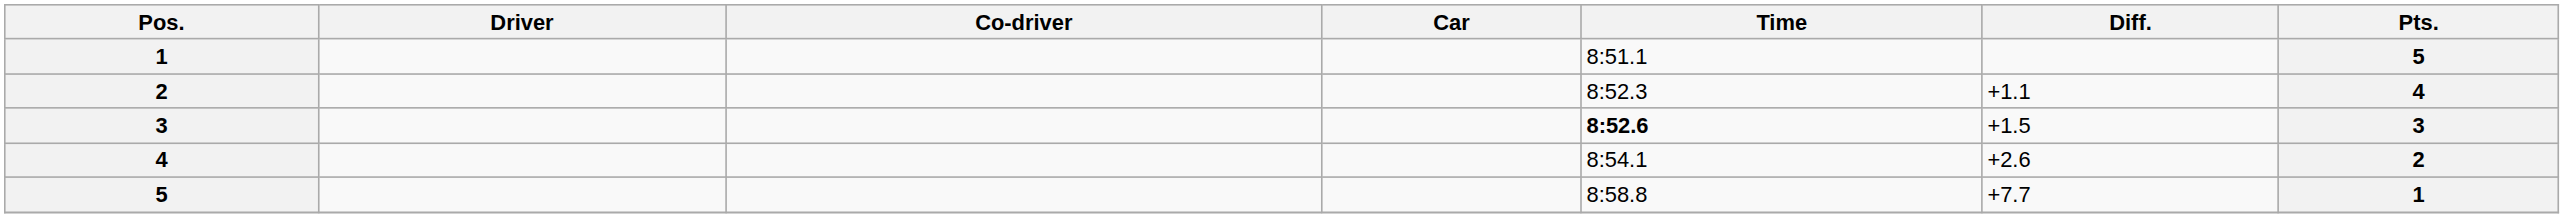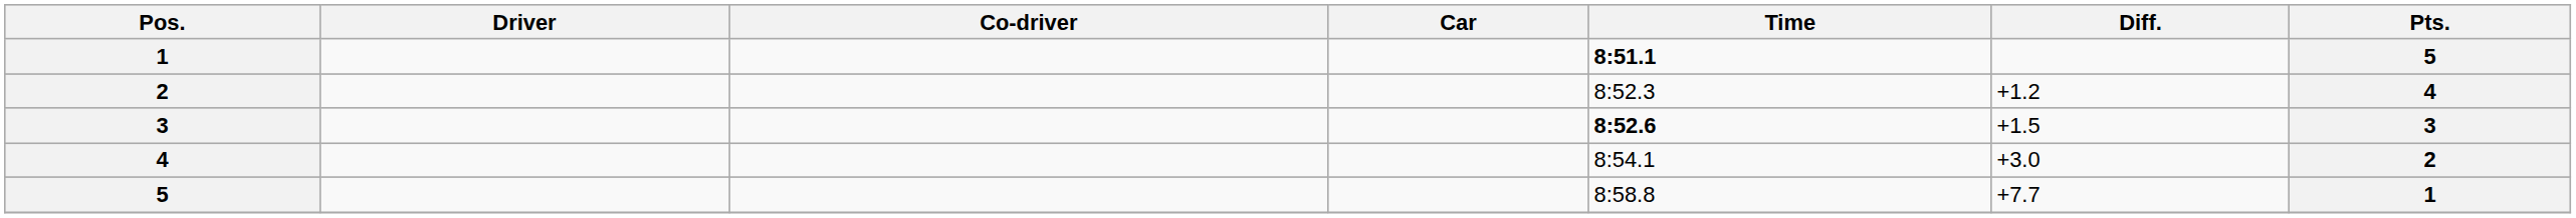 <table class="wikitable" width=80% style="font-size: 85%;">
 <tr>
 <th>Pos.</th>
 <th>Driver</th>
 <th>Co-driver</th>
 <th>Car</th>
 <th>Time</th>
 <th>Diff.</th>
 <th>Pts.</th>
 </tr>
 <tr>
 <th>1</th>
 <td></td>
 <td></td>
 <td></td>
-<td>8:51.1</td>
+<td><strong>8:51.1</strong></td>
 <td></td>
 <th>5</th>
 </tr>
 <tr>
 <th>2</th>
 <td></td>
 <td></td>
 <td></td>
 <td>8:52.3</td>
-<td>+1.1</td>
+<td>+1.2</td>
 <th>4</th>
 </tr>
 <tr>
 <th>3</th>
 <td></td>
 <td></td>
 <td></td>
 <td><strong>8:52.6</strong></td>
 <td>+1.5</td>
 <th>3</th>
 </tr>
 <tr>
 <th>4</th>
 <td></td>
 <td></td>
 <td></td>
 <td>8:54.1</td>
-<td>+2.6</td>
+<td>+3.0</td>
 <th>2</th>
 </tr>
 <tr>
 <th>5</th>
 <td></td>
 <td></td>
 <td></td>
 <td>8:58.8</td>
 <td>+7.7</td>
 <th>1</th>
 </tr>
 <tr>
 </tr>
 </table>
